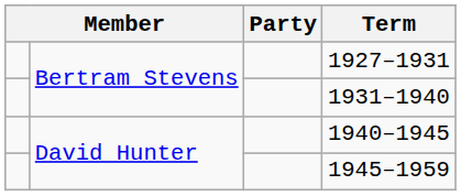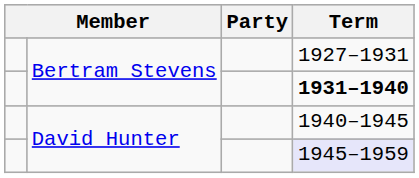 <table class="wikitable">
 <tr>
 <th colspan="2">Member</th>
 <th>Party</th>
 <th>Term</th>
 </tr>
 <tr>
 <td> </td>
 <td rowspan="2"><a href='#'>Bertram Stevens</a></td>
 <td></td>
 <td>1927–1931</td>
 </tr>
 <tr>
 <td> </td>
 <td></td>
-<td>1931–1940</td>
+<td><strong>1931–1940</strong></td>
 </tr>
 <tr>
 <td> </td>
 <td rowspan="2"><a href='#'>David Hunter</a></td>
 <td></td>
 <td>1940–1945</td>
 </tr>
 <tr>
 <td> </td>
 <td></td>
-<td>1945–1959</td>
+<td style="background: lavender;">1945–1959</td>
 </tr>
 </table>
